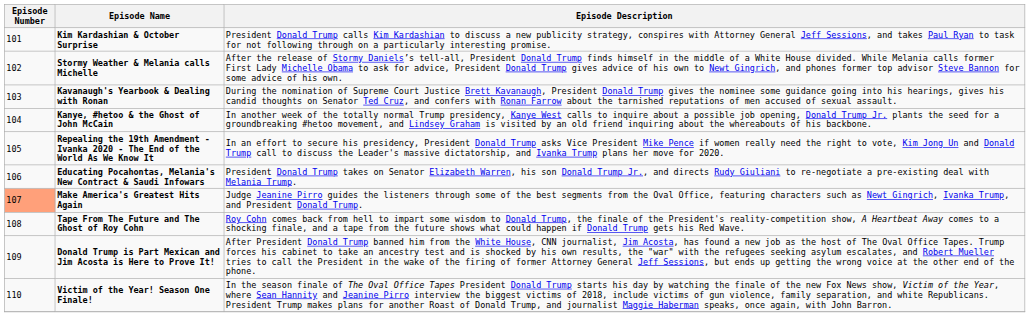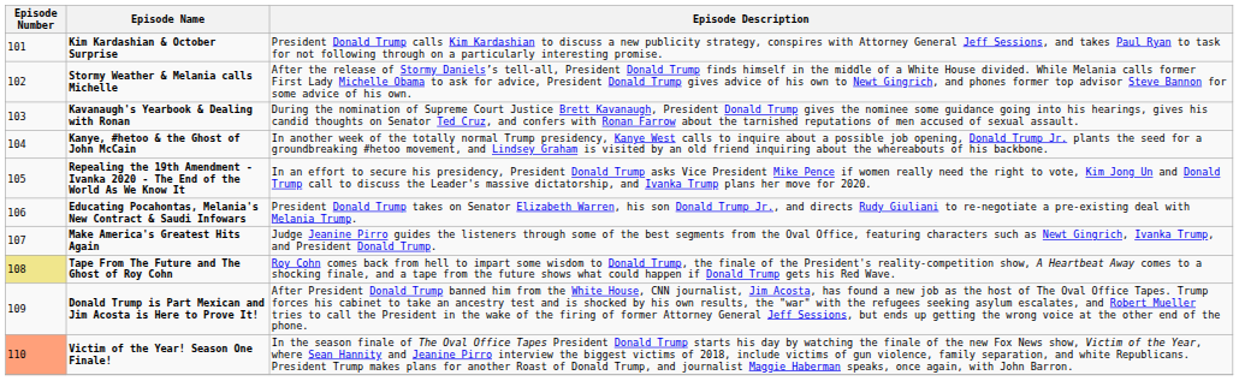 <table class="wikitable">
 <tr>
 <th>Episode Number</th>
 <th>Episode Name</th>
 <th>Episode Description</th>
 </tr>
 <tr>
 <td>101</td>
 <td><strong>Kim Kardashian & October Surprise</strong></td>
 <td>President <a href='#'>Donald Trump</a> calls <a href='#'>Kim Kardashian</a> to discuss a new publicity strategy, conspires with Attorney General <a href='#'>Jeff Sessions</a>, and takes <a href='#'>Paul Ryan</a> to task for not following through on a particularly interesting promise.</td>
 </tr>
 <tr>
 <td>102</td>
 <td><strong>Stormy Weather & Melania calls Michelle</strong></td>
 <td>After the release of <a href='#'>Stormy Daniels</a>’s tell-all, President <a href='#'>Donald Trump</a> finds himself in the middle of a White House divided. While Melania calls former First Lady <a href='#'>Michelle Obama</a> to ask for advice, President <a href='#'>Donald Trump</a> gives advice of his own to <a href='#'>Newt Gingrich</a>, and phones former top advisor <a href='#'>Steve Bannon</a> for some advice of his own.</td>
 </tr>
 <tr>
 <td>103</td>
 <td><strong>Kavanaugh's Yearbook & Dealing with Ronan</strong></td>
 <td>During the nomination of Supreme Court Justice <a href='#'>Brett Kavanaugh</a>, President <a href='#'>Donald Trump</a> gives the nominee some guidance going into his hearings, gives his candid thoughts on Senator <a href='#'>Ted Cruz</a>, and confers with <a href='#'>Ronan Farrow</a> about the tarnished reputations of men accused of sexual assault.</td>
 </tr>
 <tr>
 <td>104</td>
 <td><strong>Kanye, #hetoo & the Ghost of John McCain</strong></td>
 <td>In another week of the totally normal Trump presidency, <a href='#'>Kanye West</a> calls to inquire about a possible job opening, <a href='#'>Donald Trump Jr.</a> plants the seed for a groundbreaking #hetoo movement, and <a href='#'>Lindsey Graham</a> is visited by an old friend inquiring about the whereabouts of his backbone.</td>
 </tr>
 <tr>
 <td>105</td>
 <td><strong>Repealing the 19th Amendment - Ivanka 2020 - The End of the World As We Know It</strong></td>
 <td>In an effort to secure his presidency, President <a href='#'>Donald Trump</a> asks Vice President <a href='#'>Mike Pence</a> if women really need the right to vote, <a href='#'>Kim Jong Un</a> and <a href='#'>Donald Trump</a> call to discuss the Leader's massive dictatorship, and <a href='#'>Ivanka Trump</a> plans her move for 2020.</td>
 </tr>
 <tr>
 <td>106</td>
 <td><strong>Educating Pocahontas, Melania's New Contract & Saudi Infowars</strong></td>
 <td>President <a href='#'>Donald Trump</a> takes on Senator <a href='#'>Elizabeth Warren</a>, his son <a href='#'>Donald Trump Jr.</a>, and directs <a href='#'>Rudy Giuliani</a> to re-negotiate a pre-existing deal with <a href='#'>Melania Trump</a>.</td>
 </tr>
 <tr>
-<td style="background: lightsalmon;">107</td>
+<td>107</td>
 <td><strong>Make America's Greatest Hits Again</strong></td>
 <td>Judge <a href='#'>Jeanine Pirro</a> guides the listeners through some of the best segments from the Oval Office, featuring characters such as <a href='#'>Newt Gingrich</a>, <a href='#'>Ivanka Trump</a>, and President <a href='#'>Donald Trump</a>.</td>
 </tr>
 <tr>
-<td>108</td>
+<td style="background: khaki;">108</td>
 <td><strong>Tape From The Future and The Ghost of Roy Cohn</strong></td>
 <td><a href='#'>Roy Cohn</a> comes back from hell to impart some wisdom to <a href='#'>Donald Trump</a>, the finale of the President's reality-competition show, <em>A Heartbeat Away</em> comes to a shocking finale, and a tape from the future shows what could happen if <a href='#'>Donald Trump</a> gets his Red Wave.</td>
 </tr>
 <tr>
 <td>109</td>
 <td><strong>Donald Trump is Part Mexican and Jim Acosta is Here to Prove It!</strong></td>
 <td>After President <a href='#'>Donald Trump</a> banned him from the <a href='#'>White House</a>, CNN journalist, <a href='#'>Jim Acosta</a>, has found a new job as the host of The Oval Office Tapes. Trump forces his cabinet to take an ancestry test and is shocked by his own results, the "war" with the refugees seeking asylum escalates, and <a href='#'>Robert Mueller</a> tries to call the President in the wake of the firing of former Attorney General <a href='#'>Jeff Sessions</a>, but ends up getting the wrong voice at the other end of the phone.</td>
 </tr>
 <tr>
-<td>110</td>
+<td style="background: lightsalmon;">110</td>
 <td><strong>Victim of the Year! Season One Finale!</strong></td>
 <td>In the season finale of <em>The Oval Office Tapes</em> President <a href='#'>Donald Trump</a> starts his day by watching the finale of the new Fox News show, <em>Victim of the Year</em>, where <a href='#'>Sean Hannity</a> and <a href='#'>Jeanine Pirro</a> interview the biggest victims of 2018, include victims of gun violence, family separation, and white Republicans. President Trump makes plans for another Roast of Donald Trump, and journalist <a href='#'>Maggie Haberman</a> speaks, once again, with John Barron.</td>
 </tr>
 <tr>
 </tr>
 </table>
